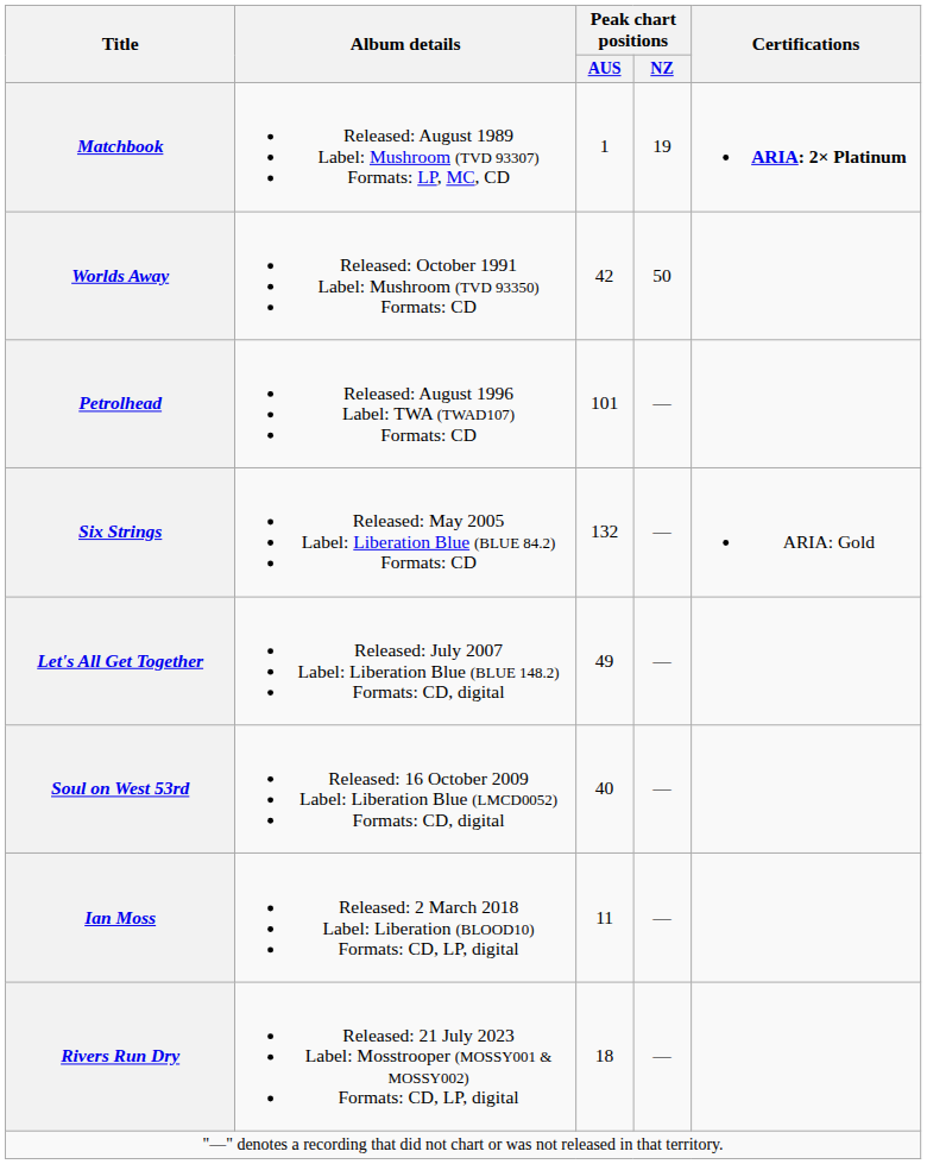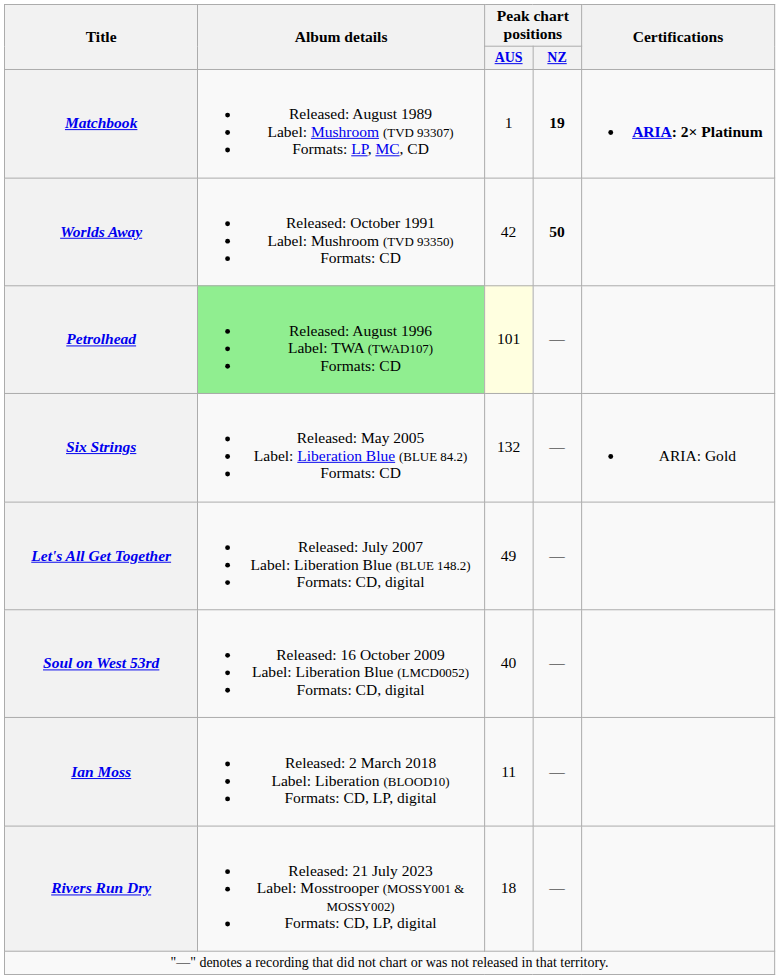 <table class="wikitable plainrowheaders" style="text-align:center;">
 <tr>
 <th scope="col" rowspan="2" style="width:12em;">Title</th>
 <th scope="col" rowspan="2" style="width:18em;">Album details</th>
 <th scope="col" colspan="2">Peak chart positions</th>
 <th scope="col" rowspan="2" style="width:12em;">Certifications</th>
 </tr>
 <tr>
 <th scope="col" style="width:3em;font-size:90%;"><a href='#'>AUS</a><br></th>
 <th scope="col" style="width:3em;font-size:90%;"><a href='#'>NZ</a><br></th>
 </tr>
 <tr>
 <th scope="row"><em><a href='#'>Matchbook</a></em></th>
 <td><br><ul><li>Released: August 1989</li><li>Label: <a href='#'>Mushroom</a> <small>(TVD 93307)</small></li><li>Formats: <a href='#'>LP</a>, <a href='#'>MC</a>, CD</li></ul></td>
 <td>1</td>
-<td>19</td>
+<td><strong>19</strong></td>
 <td><strong><br><ul><li><a href='#'>ARIA</a>: 2× Platinum</li></ul></strong></td>
 </tr>
 <tr>
 <th scope="row"><em><a href='#'>Worlds Away</a></em></th>
 <td><br><ul><li>Released: October 1991</li><li>Label: Mushroom <small>(TVD 93350)</small></li><li>Formats: CD</li></ul></td>
 <td>42</td>
-<td>50</td>
+<td><strong>50</strong></td>
 <td></td>
 </tr>
 <tr>
 <th scope="row"><em><a href='#'>Petrolhead</a></em></th>
-<td><br><ul><li>Released: August 1996</li><li>Label: TWA <small>(TWAD107)</small></li><li>Formats: CD</li></ul></td>
-<td>101</td>
+<td style="background: lightgreen;"><br><ul><li>Released: August 1996</li><li>Label: TWA <small>(TWAD107)</small></li><li>Formats: CD</li></ul></td>
+<td style="background: lightyellow;">101</td>
 <td>—</td>
 <td></td>
 </tr>
 <tr>
 <th scope="row"><em><a href='#'>Six Strings</a></em></th>
 <td><br><ul><li>Released: May 2005</li><li>Label: <a href='#'>Liberation Blue</a> <small>(BLUE 84.2)</small></li><li>Formats: CD</li></ul></td>
 <td>132</td>
 <td>—</td>
 <td><br><ul><li>ARIA: Gold</li></ul></td>
 </tr>
 <tr>
 <th scope="row"><em><a href='#'>Let's All Get Together</a></em></th>
 <td><br><ul><li>Released: July 2007</li><li>Label: Liberation Blue <small>(BLUE 148.2)</small></li><li>Formats: CD, digital</li></ul></td>
 <td>49</td>
 <td>—</td>
 <td></td>
 </tr>
 <tr>
 <th scope="row"><em><a href='#'>Soul on West 53rd</a></em></th>
 <td><br><ul><li>Released: 16 October 2009</li><li>Label: Liberation Blue <small>(LMCD0052)</small></li><li>Formats: CD, digital</li></ul></td>
 <td>40</td>
 <td>—</td>
 <td></td>
 </tr>
 <tr>
 <th scope="row"><em><a href='#'>Ian Moss</a></em></th>
 <td><br><ul><li>Released: 2 March 2018</li><li>Label: Liberation <small>(BLOOD10)</small></li><li>Formats: CD, LP, digital</li></ul></td>
 <td>11</td>
 <td>—</td>
 <td></td>
 </tr>
 <tr>
 <th scope="row"><em><a href='#'>Rivers Run Dry</a></em></th>
 <td><br><ul><li>Released: 21 July 2023</li><li>Label: Mosstrooper <small>(MOSSY001 & MOSSY002)</small></li><li>Formats: CD, LP, digital</li></ul></td>
 <td>18<br></td>
 <td>—</td>
 <td></td>
 </tr>
 <tr>
 <td colspan="6" style="font-size:90%">"—" denotes a recording that did not chart or was not released in that territory.</td>
 </tr>
 </table>
